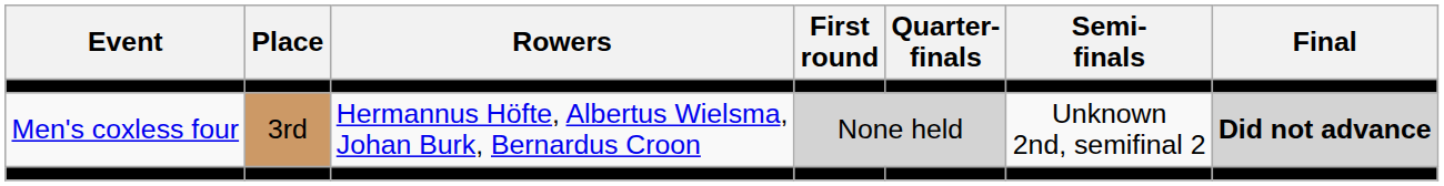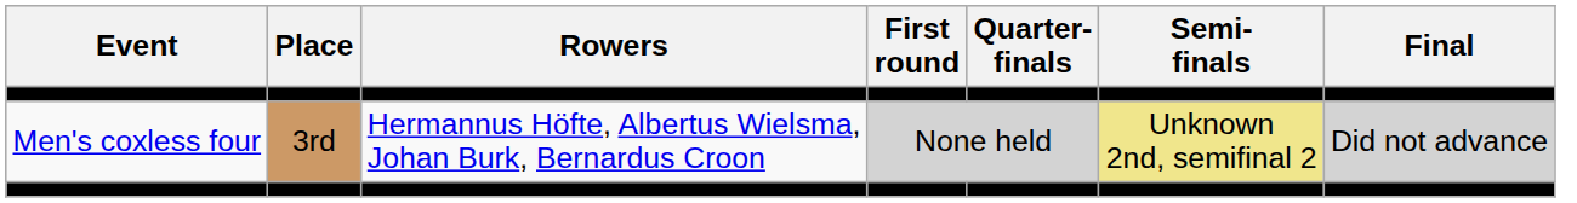 <table class=wikitable>
 <tr>
 <th>Event</th>
 <th>Place</th>
 <th>Rowers</th>
 <th>First <br> round</th>
 <th>Quarter-<br>finals</th>
 <th>Semi-<br>finals</th>
 <th>Final</th>
 </tr>
 <tr bgcolor=black>
 <td></td>
 <td></td>
 <td></td>
 <td></td>
 <td></td>
 <td></td>
 <td></td>
 </tr>
 <tr align=center>
 <td align=left><a href='#'>Men's coxless four</a></td>
 <td bgcolor=cc9966>3rd</td>
 <td align=left><a href='#'>Hermannus Höfte</a>, <a href='#'>Albertus Wielsma</a>, <br> <a href='#'>Johan Burk</a>, <a href='#'>Bernardus Croon</a></td>
 <td colspan=2 bgcolor=lightgray>None held</td>
-<td>Unknown <br> 2nd, semifinal 2</td>
-<td bgcolor=lightgray><strong>Did not advance</strong></td>
+<td style="background: khaki;">Unknown <br> 2nd, semifinal 2</td>
+<td bgcolor=lightgray>Did not advance</td>
 </tr>
 <tr bgcolor=black>
 <td></td>
 <td></td>
 <td></td>
 <td></td>
 <td></td>
 <td></td>
 <td></td>
 </tr>
 </table>
